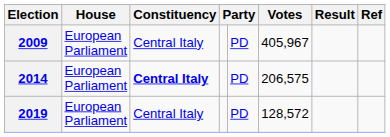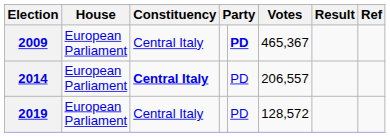 <table class=wikitable style="width:55%; border:1px #AAAAFF solid">
 <tr>
 <th width=12%>Election</th>
 <th width=25%>House</th>
 <th width=25%>Constituency</th>
 <th width=5% colspan="2">Party</th>
 <th width=12%>Votes</th>
 <th width=12%>Result</th>
 <th width=12%>Ref</th>
 </tr>
 <tr>
 <th><a href='#'>2009</a></th>
 <td><a href='#'>European Parliament</a></td>
 <td><a href='#'>Central Italy</a></td>
 <td></td>
-<td><a href='#'>PD</a></td>
-<td>405,967</td>
+<td><strong><a href='#'>PD</a></strong></td>
+<td>465,367</td>
 <td></td>
 <td></td>
 </tr>
 <tr>
 <th><a href='#'>2014</a></th>
 <td><a href='#'>European Parliament</a></td>
 <td><strong><a href='#'>Central Italy</a></strong></td>
 <td></td>
 <td><a href='#'>PD</a></td>
-<td>206,575</td>
+<td>206,557</td>
 <td></td>
 <td></td>
 </tr>
 <tr>
 <th><a href='#'>2019</a></th>
 <td><a href='#'>European Parliament</a></td>
 <td><a href='#'>Central Italy</a></td>
 <td></td>
 <td><a href='#'>PD</a></td>
 <td>128,572</td>
 <td></td>
 <td></td>
 </tr>
 <tr>
 </tr>
 </table>
